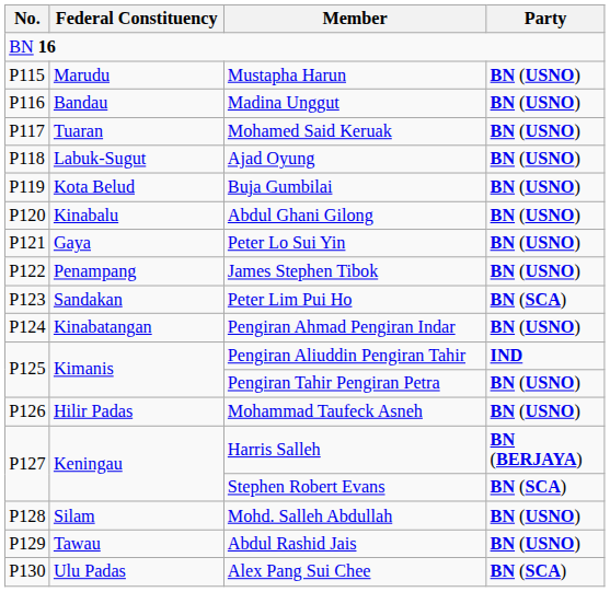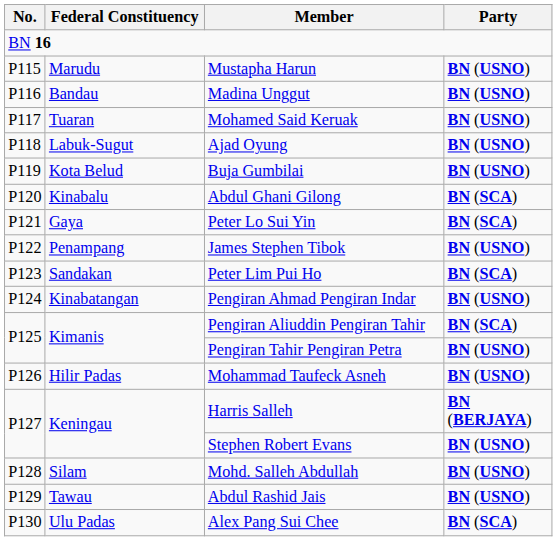 <table class="wikitable sortable">
 <tr>
 <th style="width:30px;">No.</th>
 <th style="width:150px;">Federal Constituency</th>
 <th style="width:230px;">Member</th>
 <th style="width:100px;">Party</th>
 </tr>
 <tr>
 <td colspan="4"><a href='#'>BN</a> <strong>16</strong></td>
 </tr>
 <tr>
 <td>P115</td>
 <td><a href='#'>Marudu</a></td>
 <td><a href='#'>Mustapha Harun</a></td>
 <td><strong><a href='#'>BN</a></strong> (<strong><a href='#'>USNO</a></strong>)</td>
 </tr>
 <tr>
 <td>P116</td>
 <td><a href='#'>Bandau</a></td>
 <td><a href='#'>Madina Unggut</a></td>
 <td><strong><a href='#'>BN</a></strong> (<strong><a href='#'>USNO</a></strong>)</td>
 </tr>
 <tr>
 <td>P117</td>
 <td><a href='#'>Tuaran</a></td>
 <td><a href='#'>Mohamed Said Keruak</a></td>
 <td><strong><a href='#'>BN</a></strong> (<strong><a href='#'>USNO</a></strong>)</td>
 </tr>
 <tr>
 <td>P118</td>
 <td><a href='#'>Labuk-Sugut</a></td>
 <td><a href='#'>Ajad Oyung</a></td>
 <td><strong><a href='#'>BN</a></strong> (<strong><a href='#'>USNO</a></strong>)</td>
 </tr>
 <tr>
 <td>P119</td>
 <td><a href='#'>Kota Belud</a></td>
 <td><a href='#'>Buja Gumbilai</a></td>
 <td><strong><a href='#'>BN</a></strong> (<strong><a href='#'>USNO</a></strong>)</td>
 </tr>
 <tr>
 <td>P120</td>
 <td><a href='#'>Kinabalu</a></td>
 <td><a href='#'>Abdul Ghani Gilong</a></td>
-<td><strong><a href='#'>BN</a></strong> (<strong><a href='#'>USNO</a></strong>)</td>
+<td><strong><a href='#'>BN</a></strong> (<strong><a href='#'>SCA</a></strong>)</td>
 </tr>
 <tr>
 <td>P121</td>
 <td><a href='#'>Gaya</a></td>
 <td><a href='#'>Peter Lo Sui Yin</a></td>
-<td><strong><a href='#'>BN</a></strong> (<strong><a href='#'>USNO</a></strong>)</td>
+<td><strong><a href='#'>BN</a></strong> (<strong><a href='#'>SCA</a></strong>)</td>
 </tr>
 <tr>
 <td>P122</td>
 <td><a href='#'>Penampang</a></td>
 <td><a href='#'>James Stephen Tibok</a></td>
 <td><strong><a href='#'>BN</a></strong> (<strong><a href='#'>USNO</a></strong>)</td>
 </tr>
 <tr>
 <td>P123</td>
 <td><a href='#'>Sandakan</a></td>
 <td><a href='#'>Peter Lim Pui Ho</a></td>
 <td><strong><a href='#'>BN</a></strong> (<strong><a href='#'>SCA</a></strong>)</td>
 </tr>
 <tr>
 <td>P124</td>
 <td><a href='#'>Kinabatangan</a></td>
 <td><a href='#'>Pengiran Ahmad Pengiran Indar</a></td>
 <td><strong><a href='#'>BN</a></strong> (<strong><a href='#'>USNO</a></strong>)</td>
 </tr>
 <tr>
 <td rowspan=2>P125</td>
 <td rowspan=2><a href='#'>Kimanis</a></td>
 <td><a href='#'>Pengiran Aliuddin Pengiran Tahir</a> </td>
-<td><strong><a href='#'>IND</a></strong></td>
+<td><strong><a href='#'>BN</a></strong> (<strong><a href='#'>SCA</a></strong>)</td>
 </tr>
 <tr>
 <td><a href='#'>Pengiran Tahir Pengiran Petra</a> </td>
 <td><strong><a href='#'>BN</a></strong> (<strong><a href='#'>USNO</a></strong>)</td>
 </tr>
 <tr>
 <td>P126</td>
 <td><a href='#'>Hilir Padas</a></td>
 <td><a href='#'>Mohammad Taufeck Asneh</a></td>
 <td><strong><a href='#'>BN</a></strong> (<strong><a href='#'>USNO</a></strong>)</td>
 </tr>
 <tr>
 <td rowspan=2>P127</td>
 <td rowspan=2><a href='#'>Keningau</a></td>
 <td><a href='#'>Harris Salleh</a> </td>
 <td><strong><a href='#'>BN</a></strong> (<strong><a href='#'>BERJAYA</a></strong>)</td>
 </tr>
 <tr>
 <td><a href='#'>Stephen Robert Evans</a> </td>
-<td><strong><a href='#'>BN</a></strong> (<strong><a href='#'>SCA</a></strong>)</td>
+<td><strong><a href='#'>BN</a></strong> (<strong><a href='#'>USNO</a></strong>)</td>
 </tr>
 <tr>
 <td>P128</td>
 <td><a href='#'>Silam</a></td>
 <td><a href='#'>Mohd. Salleh Abdullah</a></td>
 <td><strong><a href='#'>BN</a></strong> (<strong><a href='#'>USNO</a></strong>)</td>
 </tr>
 <tr>
 <td>P129</td>
 <td><a href='#'>Tawau</a></td>
 <td><a href='#'>Abdul Rashid Jais</a></td>
 <td><strong><a href='#'>BN</a></strong> (<strong><a href='#'>USNO</a></strong>)</td>
 </tr>
 <tr>
 <td>P130</td>
 <td><a href='#'>Ulu Padas</a></td>
 <td><a href='#'>Alex Pang Sui Chee</a></td>
 <td><strong><a href='#'>BN</a></strong> (<strong><a href='#'>SCA</a></strong>)</td>
 </tr>
 </table>
